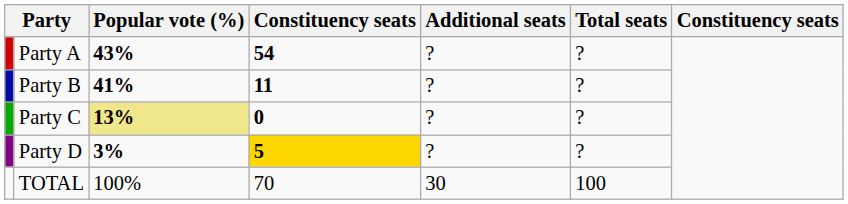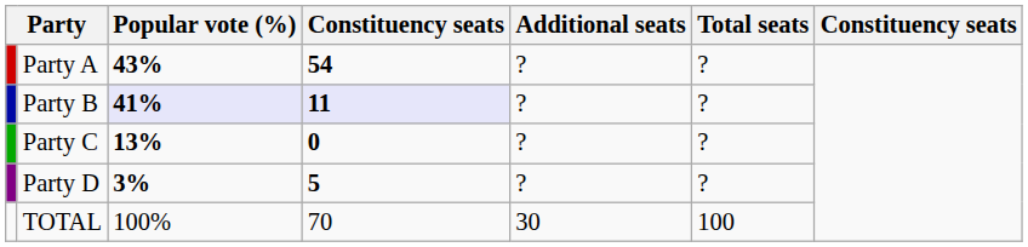 <table class="wikitable">
 <tr>
 <th colspan="2">Party</th>
 <th>Popular vote (%)</th>
 <th>Constituency seats</th>
 <th>Additional seats</th>
 <th>Total seats</th>
 <th>Constituency seats</th>
 </tr>
 <tr>
 <td style="background:#D10000"></td>
 <td>Party A</td>
 <td><strong>43%</strong></td>
 <td><strong>54</strong></td>
 <td>?</td>
 <td>?</td>
 <td rowspan="5"></td>
 </tr>
 <tr>
 <td style="background:#0008A5"></td>
 <td>Party B</td>
-<td><strong>41%</strong></td>
-<td><strong>11</strong></td>
+<td style="background: lavender;"><strong>41%</strong></td>
+<td style="background: lavender;"><strong>11</strong></td>
 <td>?</td>
 <td>?</td>
 </tr>
 <tr>
 <td style="background:#03AA00"></td>
 <td>Party C</td>
-<td style="background: khaki;"><strong>13%</strong></td>
+<td><strong>13%</strong></td>
 <td><strong>0</strong></td>
 <td>?</td>
 <td>?</td>
 </tr>
 <tr>
 <td style="background:#820084"></td>
 <td>Party D</td>
 <td><strong>3%</strong></td>
-<td style="background: gold;"><strong>5</strong></td>
+<td><strong>5</strong></td>
 <td>?</td>
 <td>?</td>
 </tr>
 <tr>
 <td></td>
 <td>TOTAL</td>
 <td>100%</td>
 <td>70</td>
 <td>30</td>
 <td>100</td>
 </tr>
 </table>
